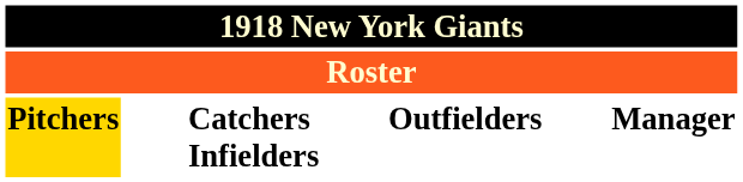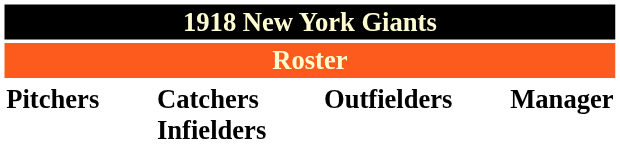 <table class="toccolours" style="font-size: 95%;">
 <tr>
 <th colspan="10" style="background-color: black; color: #FFFDD0; text-align: center;">1918 New York Giants</th>
 </tr>
 <tr>
 <td colspan="10" style="background-color: #fd5a1e; color: #FFFDD0; text-align: center;"><strong>Roster</strong></td>
 </tr>
 <tr>
-<td valign="top" style="background: gold;"><strong>Pitchers</strong><br>                        </td>
+<td valign="top"><strong>Pitchers</strong><br>                        </td>
 <td width="25px"></td>
 <td valign="top"><strong>Catchers</strong><br>   <strong>Infielders</strong>            </td>
 <td width="25px"></td>
 <td valign="top"><strong>Outfielders</strong><br>         </td>
 <td width="25px"></td>
 <td valign="top"><strong>Manager</strong><br></td>
 </tr>
 </table>
